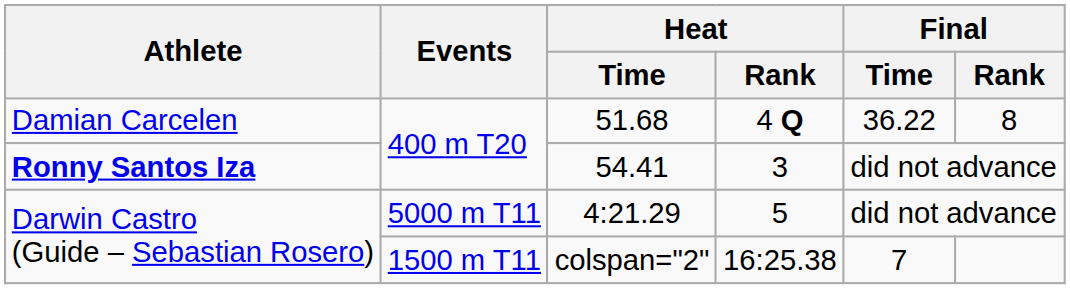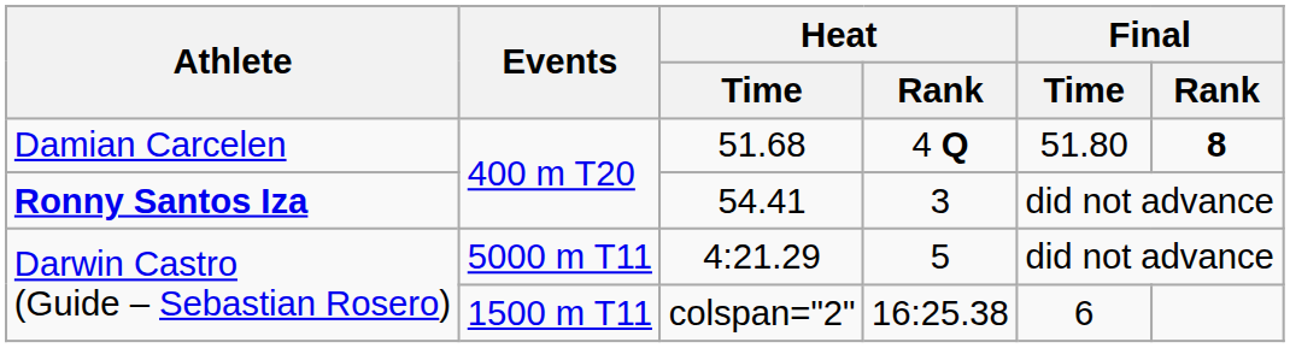 <table class=wikitable style="font-size:90%">
 <tr>
 <th rowspan="2">Athlete</th>
 <th rowspan="2">Events</th>
 <th colspan="2">Heat</th>
 <th colspan="2">Final</th>
 </tr>
 <tr>
 <th>Time</th>
 <th>Rank</th>
 <th>Time</th>
 <th>Rank</th>
 </tr>
 <tr align=center>
 <td align=left><a href='#'>Damian Carcelen</a></td>
 <td align=left rowspan=2><a href='#'>400 m T20</a></td>
 <td>51.68</td>
 <td>4 <strong>Q</strong></td>
-<td>36.22</td>
-<td>8</td>
+<td>51.80</td>
+<td><strong>8</strong></td>
 </tr>
 <tr align=center>
 <td align=left><strong><a href='#'>Ronny Santos Iza</a></strong></td>
 <td>54.41</td>
 <td>3</td>
 <td colspan=2>did not advance</td>
 </tr>
 <tr align=center>
 <td align=left rowspan=2><a href='#'>Darwin Castro</a><br>(Guide – <a href='#'>Sebastian Rosero</a>)</td>
 <td align=left><a href='#'>5000 m T11</a></td>
 <td>4:21.29</td>
 <td>5</td>
 <td colspan=2>did not advance</td>
 </tr>
 <tr align=center>
 <td align=left><a href='#'>1500 m T11</a></td>
 <td>colspan="2" </td>
 <td>16:25.38</td>
-<td>7</td>
+<td>6</td>
 </tr>
 </table>
